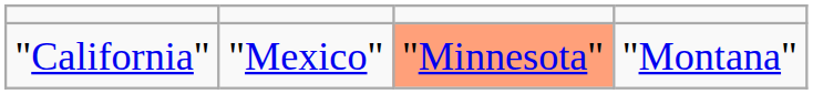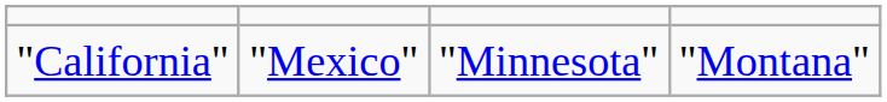 <table class="wikitable" border="1">
 <tr>
 <td></td>
 <td></td>
 <td></td>
 <td></td>
 </tr>
 <tr>
 <td>"<a href='#'>California</a>"</td>
 <td>"<a href='#'>Mexico</a>"</td>
-<td style="background: lightsalmon;">"<a href='#'>Minnesota</a>"</td>
+<td>"<a href='#'>Minnesota</a>"</td>
 <td>"<a href='#'>Montana</a>"</td>
 </tr>
 </table>
